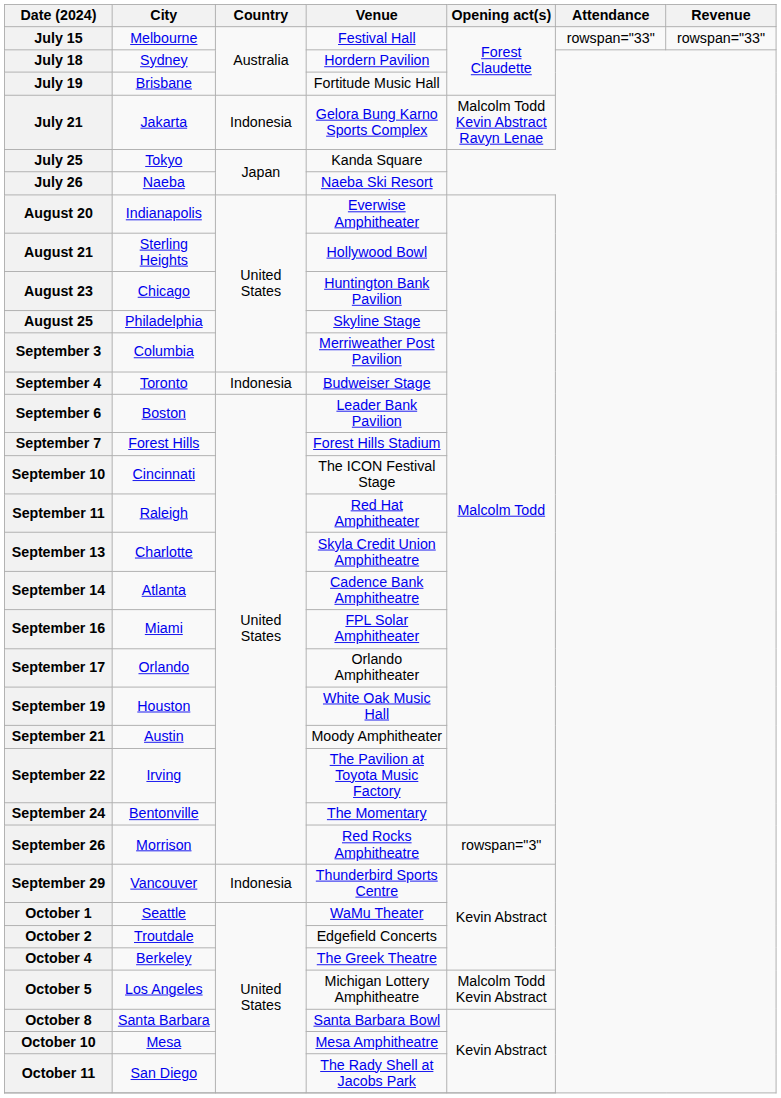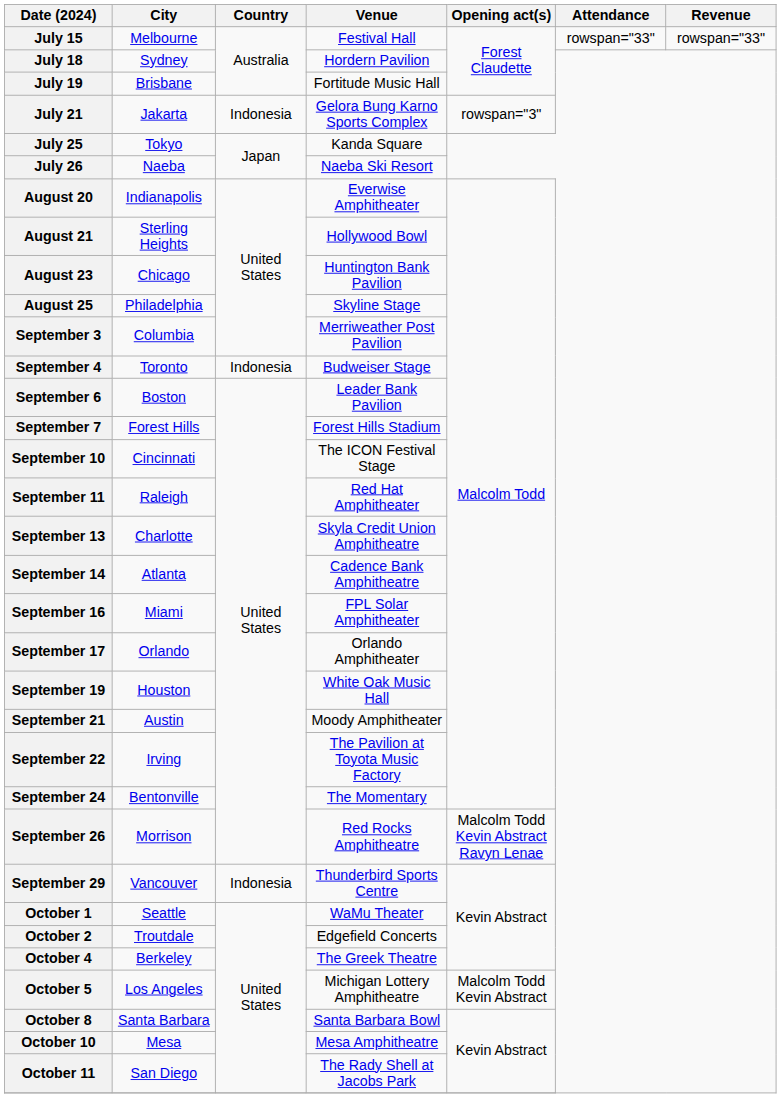 <table class="wikitable plainrowheaders" style="text-align:center;">
 <tr>
 <th scope="col" style="width:12em;">Date (2024)</th>
 <th scope="col" style="width:10em;">City</th>
 <th scope="col" style="width:10em;">Country</th>
 <th scope="col" style="width:18em;">Venue</th>
 <th scope="col" style="width:11em;">Opening act(s)</th>
 <th scope="col" style="width:10em;">Attendance</th>
 <th scope="col" style="width:10em;">Revenue</th>
 </tr>
 <tr>
 <th scope="row" style="text-align:center;">July 15</th>
 <td><a href='#'>Melbourne</a></td>
 <td rowspan="3">Australia</td>
 <td><a href='#'>Festival Hall</a></td>
 <td rowspan="3"><a href='#'>Forest Claudette</a></td>
 <td>rowspan="33" </td>
 <td>rowspan="33" </td>
 </tr>
 <tr>
 <th scope="row" style="text-align:center;">July 18</th>
 <td><a href='#'>Sydney</a></td>
 <td><a href='#'>Hordern Pavilion</a></td>
 </tr>
 <tr>
 <th scope="row" style="text-align:center;">July 19</th>
 <td><a href='#'>Brisbane</a></td>
 <td>Fortitude Music Hall</td>
 </tr>
 <tr>
 <th scope="row" style="text-align:center;">July 21</th>
 <td><a href='#'>Jakarta</a></td>
 <td>Indonesia</td>
 <td><a href='#'>Gelora Bung Karno Sports Complex</a></td>
-<td>Malcolm Todd <br> <a href='#'>Kevin Abstract</a> <br> <a href='#'>Ravyn Lenae</a></td>
+<td>rowspan="3" </td>
 </tr>
 <tr>
 <th scope="row" style="text-align:center;">July 25</th>
 <td><a href='#'>Tokyo</a></td>
 <td rowspan="2">Japan</td>
 <td>Kanda Square</td>
 </tr>
 <tr>
 <th scope="row" style="text-align:center;">July 26</th>
 <td><a href='#'>Naeba</a></td>
 <td><a href='#'>Naeba Ski Resort</a></td>
 </tr>
 <tr>
 <th scope="row" style="text-align:center;">August 20</th>
 <td><a href='#'>Indianapolis</a></td>
 <td rowspan="5">United States</td>
 <td><a href='#'>Everwise Amphitheater</a></td>
 <td rowspan="18"><a href='#'>Malcolm Todd</a></td>
 </tr>
 <tr>
 <th scope="row" style="text-align:center;">August 21</th>
 <td><a href='#'>Sterling Heights</a></td>
 <td><a href='#'>Hollywood Bowl</a></td>
 </tr>
 <tr>
 <th scope="row" style="text-align:center;">August 23</th>
 <td><a href='#'>Chicago</a></td>
 <td><a href='#'>Huntington Bank Pavilion</a></td>
 </tr>
 <tr>
 <th scope="row" style="text-align:center;">August 25</th>
 <td><a href='#'>Philadelphia</a></td>
 <td><a href='#'>Skyline Stage</a></td>
 </tr>
 <tr>
 <th scope="row" style="text-align:center;">September 3</th>
 <td><a href='#'>Columbia</a></td>
 <td><a href='#'>Merriweather Post Pavilion</a></td>
 </tr>
 <tr>
 <th scope="row" style="text-align:center;">September 4</th>
 <td><a href='#'>Toronto</a></td>
 <td>Indonesia</td>
 <td><a href='#'>Budweiser Stage</a></td>
 </tr>
 <tr>
 <th scope="row" style="text-align:center;">September 6</th>
 <td><a href='#'>Boston</a></td>
 <td rowspan="13">United States</td>
 <td><a href='#'>Leader Bank Pavilion</a></td>
 </tr>
 <tr>
 <th scope="row" style="text-align:center;">September 7</th>
 <td><a href='#'>Forest Hills</a></td>
 <td><a href='#'>Forest Hills Stadium</a></td>
 </tr>
 <tr>
 <th scope="row" style="text-align:center;">September 10</th>
 <td><a href='#'>Cincinnati</a></td>
 <td>The ICON Festival Stage</td>
 </tr>
 <tr>
 <th scope="row" style="text-align:center;">September 11</th>
 <td><a href='#'>Raleigh</a></td>
 <td><a href='#'>Red Hat Amphitheater</a></td>
 </tr>
 <tr>
 <th scope="row" style="text-align:center;">September 13</th>
 <td><a href='#'>Charlotte</a></td>
 <td><a href='#'>Skyla Credit Union Amphitheatre</a></td>
 </tr>
 <tr>
 <th scope="row" style="text-align:center;">September 14</th>
 <td><a href='#'>Atlanta</a></td>
 <td><a href='#'>Cadence Bank Amphitheatre</a></td>
 </tr>
 <tr>
 <th scope="row" style="text-align:center;">September 16</th>
 <td><a href='#'>Miami</a></td>
 <td><a href='#'>FPL Solar Amphitheater</a></td>
 </tr>
 <tr>
 <th scope="row" style="text-align:center;">September 17</th>
 <td><a href='#'>Orlando</a></td>
 <td>Orlando Amphitheater</td>
 </tr>
 <tr>
 <th scope="row" style="text-align:center;">September 19</th>
 <td><a href='#'>Houston</a></td>
 <td><a href='#'>White Oak Music Hall</a></td>
 </tr>
 <tr>
 <th scope="row" style="text-align:center;">September 21</th>
 <td><a href='#'>Austin</a></td>
 <td>Moody Amphitheater</td>
 </tr>
 <tr>
 <th scope="row" style="text-align:center;">September 22</th>
 <td><a href='#'>Irving</a></td>
 <td><a href='#'>The Pavilion at Toyota Music Factory</a></td>
 </tr>
 <tr>
 <th scope="row" style="text-align:center;">September 24</th>
 <td><a href='#'>Bentonville</a></td>
 <td><a href='#'>The Momentary</a></td>
 </tr>
 <tr>
 <th scope="row" style="text-align:center;">September 26</th>
 <td><a href='#'>Morrison</a></td>
 <td><a href='#'>Red Rocks Amphitheatre</a></td>
-<td>rowspan="3" </td>
+<td>Malcolm Todd <br> <a href='#'>Kevin Abstract</a> <br> <a href='#'>Ravyn Lenae</a></td>
 </tr>
 <tr>
 <th scope="row" style="text-align:center;">September 29</th>
 <td><a href='#'>Vancouver</a></td>
 <td>Indonesia</td>
 <td><a href='#'>Thunderbird Sports Centre</a></td>
 <td rowspan="4">Kevin Abstract</td>
 </tr>
 <tr>
 <th scope="row" style="text-align:center;">October 1</th>
 <td><a href='#'>Seattle</a></td>
 <td rowspan="7">United States</td>
 <td><a href='#'>WaMu Theater</a></td>
 </tr>
 <tr>
 <th scope="row" style="text-align:center;">October 2</th>
 <td><a href='#'>Troutdale</a></td>
 <td>Edgefield Concerts</td>
 </tr>
 <tr>
 <th scope="row" style="text-align:center;">October 4</th>
 <td><a href='#'>Berkeley</a></td>
 <td><a href='#'>The Greek Theatre</a></td>
 </tr>
 <tr>
 <th scope="row" style="text-align:center;">October 5</th>
 <td><a href='#'>Los Angeles</a></td>
 <td>Michigan Lottery Amphitheatre</td>
 <td>Malcolm Todd <br> Kevin Abstract</td>
 </tr>
 <tr>
 <th scope="row" style="text-align:center;">October 8</th>
 <td><a href='#'>Santa Barbara</a></td>
 <td><a href='#'>Santa Barbara Bowl</a></td>
 <td rowspan="3">Kevin Abstract</td>
 </tr>
 <tr>
 <th scope="row" style="text-align:center;">October 10</th>
 <td><a href='#'>Mesa</a></td>
 <td><a href='#'>Mesa Amphitheatre</a></td>
 </tr>
 <tr>
 <th scope="row" style="text-align:center;">October 11</th>
 <td><a href='#'>San Diego</a></td>
 <td><a href='#'>The Rady Shell at Jacobs Park</a></td>
 </tr>
 <tr>
 </tr>
 </table>
